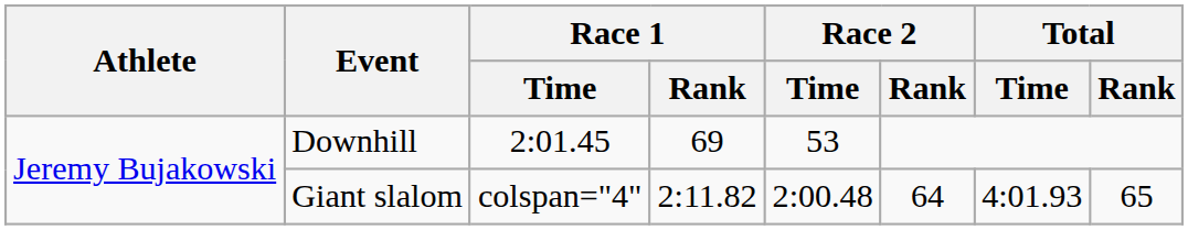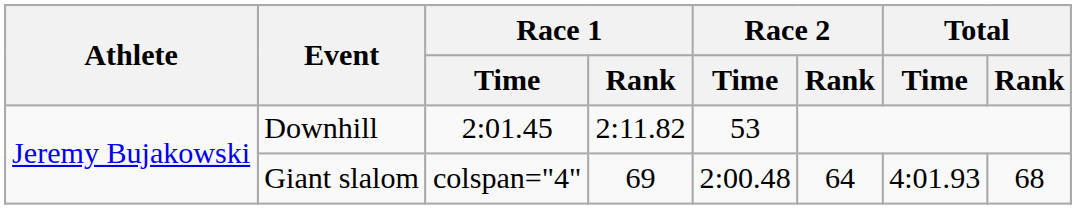 <table class="wikitable" style="font-size:90%">
 <tr>
 <th rowspan="2">Athlete</th>
 <th rowspan="2">Event</th>
 <th colspan="2">Race 1</th>
 <th colspan="2">Race 2</th>
 <th colspan="2">Total</th>
 </tr>
 <tr>
 <th>Time</th>
 <th>Rank</th>
 <th>Time</th>
 <th>Rank</th>
 <th>Time</th>
 <th>Rank</th>
 </tr>
 <tr>
 <td rowspan="2"><a href='#'>Jeremy Bujakowski</a></td>
 <td>Downhill</td>
 <td align="center">2:01.45</td>
-<td align="center">69</td>
+<td align="center">2:11.82</td>
 <td align="center">53</td>
 </tr>
 <tr>
 <td>Giant slalom</td>
 <td>colspan="4" </td>
-<td align="center">2:11.82</td>
+<td align="center">69</td>
 <td align="center">2:00.48</td>
 <td align="center">64</td>
 <td align="center">4:01.93</td>
-<td align="center">65</td>
+<td align="center">68</td>
 </tr>
 </table>
